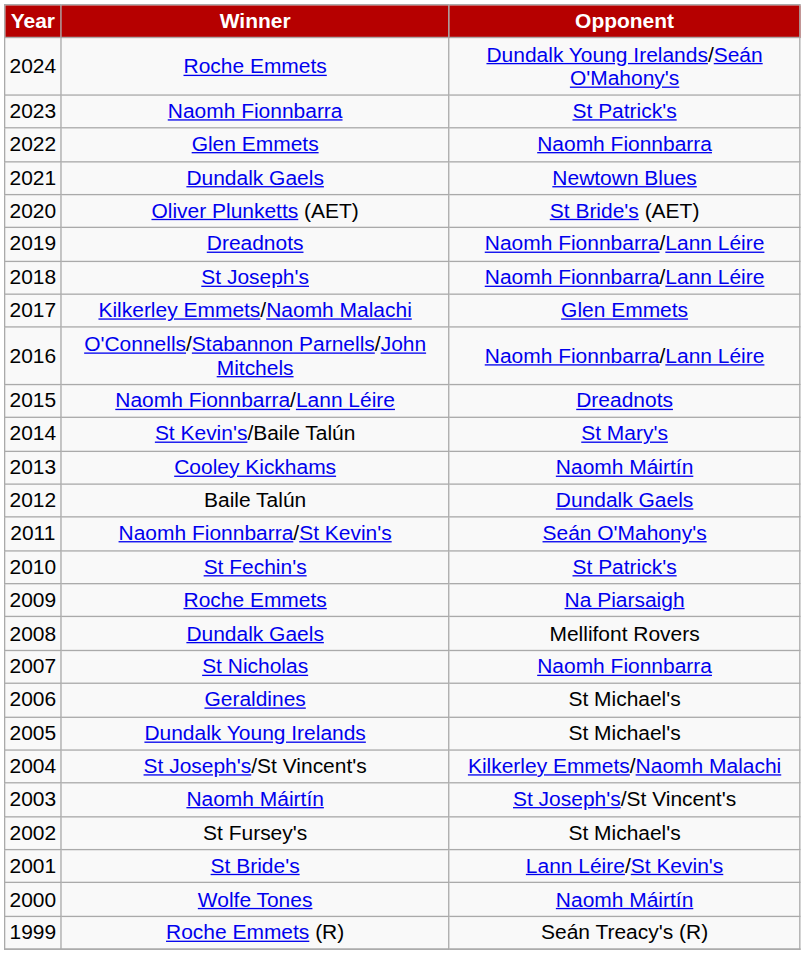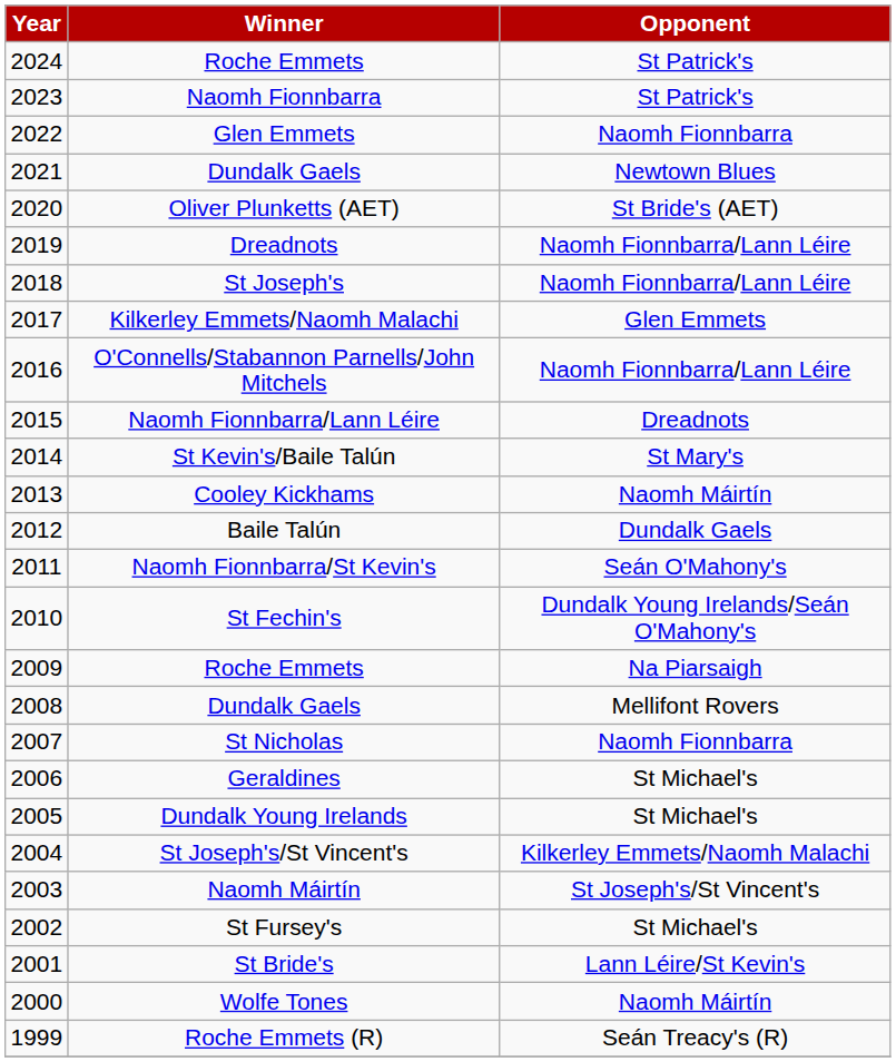 <table class="wikitable" style="text-align:center;">
 <tr>
 <th style="background:#B60000;color:white">Year</th>
 <th style="background:#B60000;color:white">Winner</th>
 <th style="background:#B60000;color:white">Opponent</th>
 </tr>
 <tr>
 <td>2024</td>
 <td><a href='#'>Roche Emmets</a></td>
-<td><a href='#'>Dundalk Young Irelands</a>/<a href='#'>Seán O'Mahony's</a></td>
+<td><a href='#'>St Patrick's</a></td>
 </tr>
 <tr>
 <td>2023</td>
 <td><a href='#'>Naomh Fionnbarra</a></td>
 <td><a href='#'>St Patrick's</a></td>
 </tr>
 <tr>
 <td>2022</td>
 <td><a href='#'>Glen Emmets</a></td>
 <td><a href='#'>Naomh Fionnbarra</a></td>
 </tr>
 <tr>
 <td>2021</td>
 <td><a href='#'>Dundalk Gaels</a></td>
 <td><a href='#'>Newtown Blues</a></td>
 </tr>
 <tr>
 <td>2020</td>
 <td><a href='#'>Oliver Plunketts</a> (AET)</td>
 <td><a href='#'>St Bride's</a> (AET)</td>
 </tr>
 <tr>
 <td>2019</td>
 <td><a href='#'>Dreadnots</a></td>
 <td><a href='#'>Naomh Fionnbarra</a>/<a href='#'>Lann Léire</a></td>
 </tr>
 <tr>
 <td>2018</td>
 <td><a href='#'>St Joseph's</a></td>
 <td><a href='#'>Naomh Fionnbarra</a>/<a href='#'>Lann Léire</a></td>
 </tr>
 <tr>
 <td>2017</td>
 <td><a href='#'>Kilkerley Emmets</a>/<a href='#'>Naomh Malachi</a></td>
 <td><a href='#'>Glen Emmets</a></td>
 </tr>
 <tr>
 <td>2016</td>
 <td><a href='#'>O'Connells</a>/<a href='#'>Stabannon Parnells</a>/<a href='#'>John Mitchels</a></td>
 <td><a href='#'>Naomh Fionnbarra</a>/<a href='#'>Lann Léire</a></td>
 </tr>
 <tr>
 <td>2015</td>
 <td><a href='#'>Naomh Fionnbarra</a>/<a href='#'>Lann Léire</a></td>
 <td><a href='#'>Dreadnots</a></td>
 </tr>
 <tr>
 <td>2014</td>
 <td><a href='#'>St Kevin's</a>/Baile Talún</td>
 <td><a href='#'>St Mary's</a></td>
 </tr>
 <tr>
 <td>2013</td>
 <td><a href='#'>Cooley Kickhams</a></td>
 <td><a href='#'>Naomh Máirtín</a></td>
 </tr>
 <tr>
 <td>2012</td>
 <td>Baile Talún</td>
 <td><a href='#'>Dundalk Gaels</a></td>
 </tr>
 <tr>
 <td>2011</td>
 <td><a href='#'>Naomh Fionnbarra</a>/<a href='#'>St Kevin's</a></td>
 <td><a href='#'>Seán O'Mahony's</a></td>
 </tr>
 <tr>
 <td>2010</td>
 <td><a href='#'>St Fechin's</a></td>
-<td><a href='#'>St Patrick's</a></td>
+<td><a href='#'>Dundalk Young Irelands</a>/<a href='#'>Seán O'Mahony's</a></td>
 </tr>
 <tr>
 <td>2009</td>
 <td><a href='#'>Roche Emmets</a></td>
 <td><a href='#'>Na Piarsaigh</a></td>
 </tr>
 <tr>
 <td>2008</td>
 <td><a href='#'>Dundalk Gaels</a></td>
 <td>Mellifont Rovers</td>
 </tr>
 <tr>
 <td>2007</td>
 <td><a href='#'>St Nicholas</a></td>
 <td><a href='#'>Naomh Fionnbarra</a></td>
 </tr>
 <tr>
 <td>2006</td>
 <td><a href='#'>Geraldines</a></td>
 <td>St Michael's</td>
 </tr>
 <tr>
 <td>2005</td>
 <td><a href='#'>Dundalk Young Irelands</a></td>
 <td>St Michael's</td>
 </tr>
 <tr>
 <td>2004</td>
 <td><a href='#'>St Joseph's</a>/St Vincent's</td>
 <td><a href='#'>Kilkerley Emmets</a>/<a href='#'>Naomh Malachi</a></td>
 </tr>
 <tr>
 <td>2003</td>
 <td><a href='#'>Naomh Máirtín</a></td>
 <td><a href='#'>St Joseph's</a>/St Vincent's</td>
 </tr>
 <tr>
 <td>2002</td>
 <td>St Fursey's</td>
 <td>St Michael's</td>
 </tr>
 <tr>
 <td>2001</td>
 <td><a href='#'>St Bride's</a></td>
 <td><a href='#'>Lann Léire</a>/<a href='#'>St Kevin's</a></td>
 </tr>
 <tr>
 <td>2000</td>
 <td><a href='#'>Wolfe Tones</a></td>
 <td><a href='#'>Naomh Máirtín</a></td>
 </tr>
 <tr>
 <td>1999</td>
 <td><a href='#'>Roche Emmets</a> (R)</td>
 <td>Seán Treacy's (R)</td>
 </tr>
 <tr>
 </tr>
 </table>
